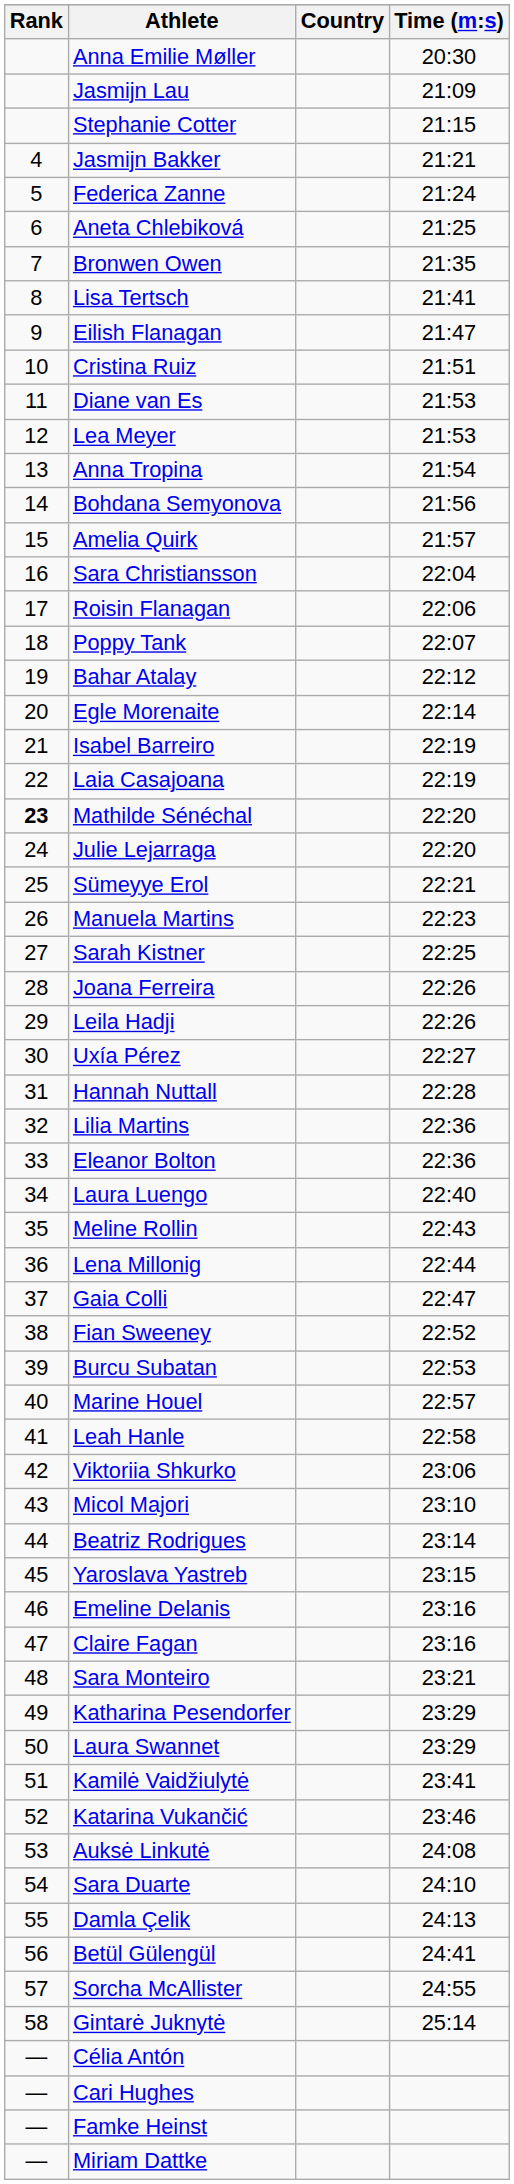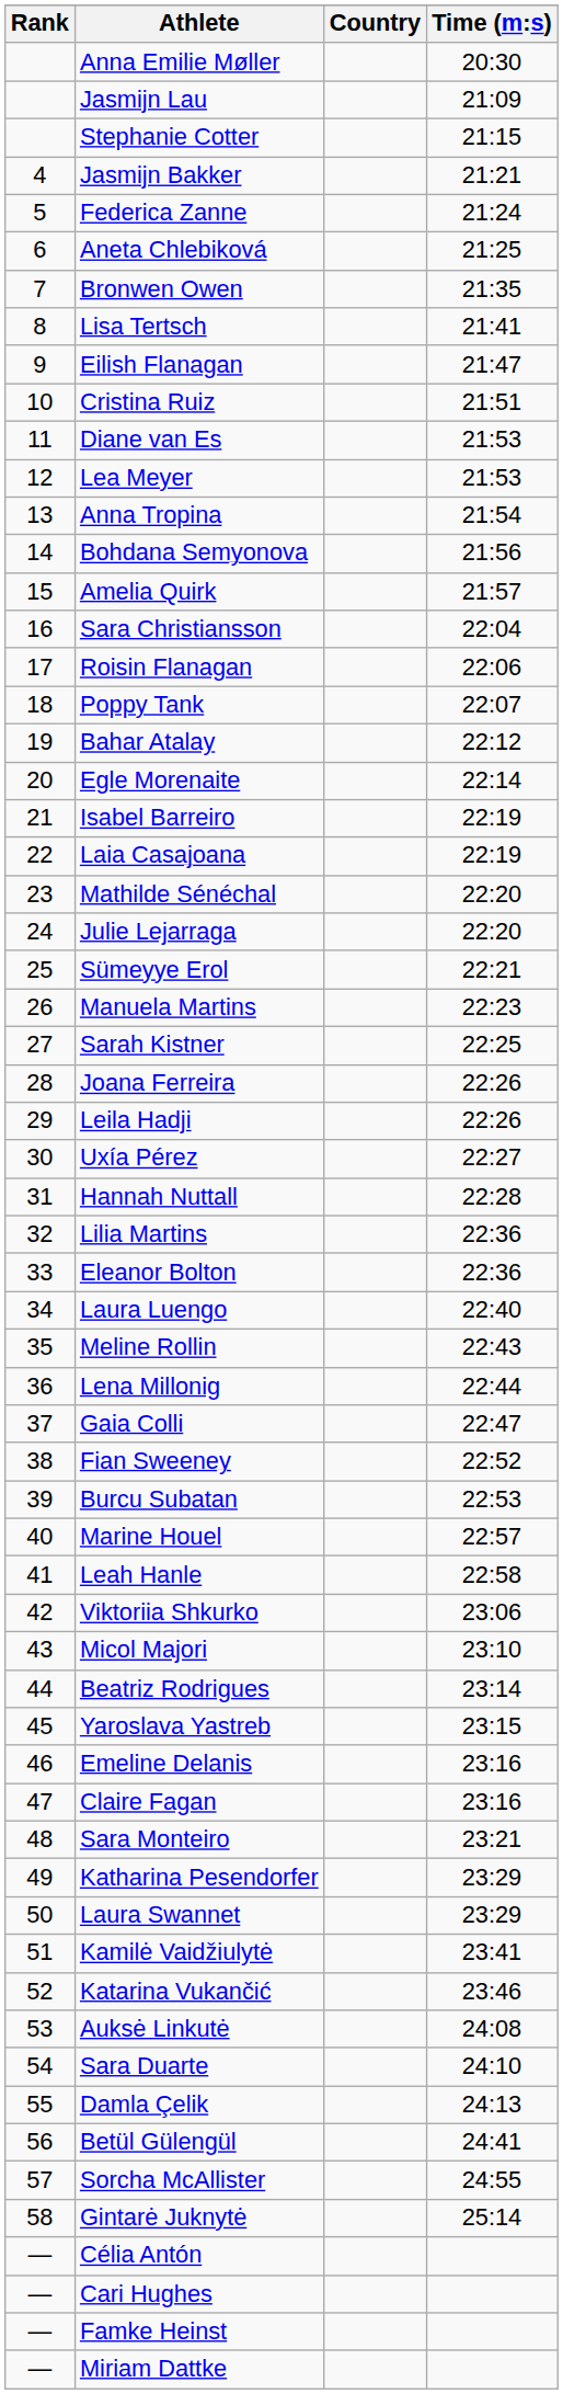 <table class="wikitable sortable" style="text-align:center;">
 <tr>
 </tr>
 <tr>
 <th>Rank</th>
 <th>Athlete</th>
 <th>Country</th>
 <th>Time (<a href='#'>m</a>:<a href='#'>s</a>)</th>
 </tr>
 <tr>
 <td></td>
 <td align=left><a href='#'>Anna Emilie Møller</a></td>
 <td align=left></td>
 <td>20:30</td>
 </tr>
 <tr>
 <td></td>
 <td align=left><a href='#'>Jasmijn Lau</a></td>
 <td align=left></td>
 <td>21:09</td>
 </tr>
 <tr>
 <td></td>
 <td align=left><a href='#'>Stephanie Cotter</a></td>
 <td align=left></td>
 <td>21:15</td>
 </tr>
 <tr>
 <td>4</td>
 <td align=left><a href='#'>Jasmijn Bakker</a></td>
 <td align=left></td>
 <td>21:21</td>
 </tr>
 <tr>
 <td>5</td>
 <td align=left><a href='#'>Federica Zanne</a></td>
 <td align=left></td>
 <td>21:24</td>
 </tr>
 <tr>
 <td>6</td>
 <td align=left><a href='#'>Aneta Chlebiková</a></td>
 <td align=left></td>
 <td>21:25</td>
 </tr>
 <tr>
 <td>7</td>
 <td align=left><a href='#'>Bronwen Owen</a></td>
 <td align=left></td>
 <td>21:35</td>
 </tr>
 <tr>
 <td>8</td>
 <td align=left><a href='#'>Lisa Tertsch</a></td>
 <td align=left></td>
 <td>21:41</td>
 </tr>
 <tr>
 <td>9</td>
 <td align=left><a href='#'>Eilish Flanagan</a></td>
 <td align=left></td>
 <td>21:47</td>
 </tr>
 <tr>
 <td>10</td>
 <td align=left><a href='#'>Cristina Ruiz</a></td>
 <td align=left></td>
 <td>21:51</td>
 </tr>
 <tr>
 <td>11</td>
 <td align=left><a href='#'>Diane van Es</a></td>
 <td align=left></td>
 <td>21:53</td>
 </tr>
 <tr>
 <td>12</td>
 <td align=left><a href='#'>Lea Meyer</a></td>
 <td align=left></td>
 <td>21:53</td>
 </tr>
 <tr>
 <td>13</td>
 <td align=left><a href='#'>Anna Tropina</a></td>
 <td align=left></td>
 <td>21:54</td>
 </tr>
 <tr>
 <td>14</td>
 <td align=left><a href='#'>Bohdana Semyonova</a></td>
 <td align=left></td>
 <td>21:56</td>
 </tr>
 <tr>
 <td>15</td>
 <td align=left><a href='#'>Amelia Quirk</a></td>
 <td align=left></td>
 <td>21:57</td>
 </tr>
 <tr>
 <td>16</td>
 <td align=left><a href='#'>Sara Christiansson</a></td>
 <td align=left></td>
 <td>22:04</td>
 </tr>
 <tr>
 <td>17</td>
 <td align=left><a href='#'>Roisin Flanagan</a></td>
 <td align=left></td>
 <td>22:06</td>
 </tr>
 <tr>
 <td>18</td>
 <td align=left><a href='#'>Poppy Tank</a></td>
 <td align=left></td>
 <td>22:07</td>
 </tr>
 <tr>
 <td>19</td>
 <td align=left><a href='#'>Bahar Atalay</a></td>
 <td align=left></td>
 <td>22:12</td>
 </tr>
 <tr>
 <td>20</td>
 <td align=left><a href='#'>Egle Morenaite</a></td>
 <td align=left></td>
 <td>22:14</td>
 </tr>
 <tr>
 <td>21</td>
 <td align=left><a href='#'>Isabel Barreiro</a></td>
 <td align=left></td>
 <td>22:19</td>
 </tr>
 <tr>
 <td>22</td>
 <td align=left><a href='#'>Laia Casajoana</a></td>
 <td align=left></td>
 <td>22:19</td>
 </tr>
 <tr>
-<td><strong>23</strong></td>
+<td>23</td>
 <td align=left><a href='#'>Mathilde Sénéchal</a></td>
 <td align=left></td>
 <td>22:20</td>
 </tr>
 <tr>
 <td>24</td>
 <td align=left><a href='#'>Julie Lejarraga</a></td>
 <td align=left></td>
 <td>22:20</td>
 </tr>
 <tr>
 <td>25</td>
 <td align=left><a href='#'>Sümeyye Erol</a></td>
 <td align=left></td>
 <td>22:21</td>
 </tr>
 <tr>
 <td>26</td>
 <td align=left><a href='#'>Manuela Martins</a></td>
 <td align=left></td>
 <td>22:23</td>
 </tr>
 <tr>
 <td>27</td>
 <td align=left><a href='#'>Sarah Kistner</a></td>
 <td align=left></td>
 <td>22:25</td>
 </tr>
 <tr>
 <td>28</td>
 <td align=left><a href='#'>Joana Ferreira</a></td>
 <td align=left></td>
 <td>22:26</td>
 </tr>
 <tr>
 <td>29</td>
 <td align=left><a href='#'>Leila Hadji</a></td>
 <td align=left></td>
 <td>22:26</td>
 </tr>
 <tr>
 <td>30</td>
 <td align=left><a href='#'>Uxía Pérez</a></td>
 <td align=left></td>
 <td>22:27</td>
 </tr>
 <tr>
 <td>31</td>
 <td align=left><a href='#'>Hannah Nuttall</a></td>
 <td align=left></td>
 <td>22:28</td>
 </tr>
 <tr>
 <td>32</td>
 <td align=left><a href='#'>Lilia Martins</a></td>
 <td align=left></td>
 <td>22:36</td>
 </tr>
 <tr>
 <td>33</td>
 <td align=left><a href='#'>Eleanor Bolton</a></td>
 <td align=left></td>
 <td>22:36</td>
 </tr>
 <tr>
 <td>34</td>
 <td align=left><a href='#'>Laura Luengo</a></td>
 <td align=left></td>
 <td>22:40</td>
 </tr>
 <tr>
 <td>35</td>
 <td align=left><a href='#'>Meline Rollin</a></td>
 <td align=left></td>
 <td>22:43</td>
 </tr>
 <tr>
 <td>36</td>
 <td align=left><a href='#'>Lena Millonig</a></td>
 <td align=left></td>
 <td>22:44</td>
 </tr>
 <tr>
 <td>37</td>
 <td align=left><a href='#'>Gaia Colli</a></td>
 <td align=left></td>
 <td>22:47</td>
 </tr>
 <tr>
 <td>38</td>
 <td align=left><a href='#'>Fian Sweeney</a></td>
 <td align=left></td>
 <td>22:52</td>
 </tr>
 <tr>
 <td>39</td>
 <td align=left><a href='#'>Burcu Subatan</a></td>
 <td align=left></td>
 <td>22:53</td>
 </tr>
 <tr>
 <td>40</td>
 <td align=left><a href='#'>Marine Houel</a></td>
 <td align=left></td>
 <td>22:57</td>
 </tr>
 <tr>
 <td>41</td>
 <td align=left><a href='#'>Leah Hanle</a></td>
 <td align=left></td>
 <td>22:58</td>
 </tr>
 <tr>
 <td>42</td>
 <td align=left><a href='#'>Viktoriia Shkurko</a></td>
 <td align=left></td>
 <td>23:06</td>
 </tr>
 <tr>
 <td>43</td>
 <td align=left><a href='#'>Micol Majori</a></td>
 <td align=left></td>
 <td>23:10</td>
 </tr>
 <tr>
 <td>44</td>
 <td align=left><a href='#'>Beatriz Rodrigues</a></td>
 <td align=left></td>
 <td>23:14</td>
 </tr>
 <tr>
 <td>45</td>
 <td align=left><a href='#'>Yaroslava Yastreb</a></td>
 <td align=left></td>
 <td>23:15</td>
 </tr>
 <tr>
 <td>46</td>
 <td align=left><a href='#'>Emeline Delanis</a></td>
 <td align=left></td>
 <td>23:16</td>
 </tr>
 <tr>
 <td>47</td>
 <td align=left><a href='#'>Claire Fagan</a></td>
 <td align=left></td>
 <td>23:16</td>
 </tr>
 <tr>
 <td>48</td>
 <td align=left><a href='#'>Sara Monteiro</a></td>
 <td align=left></td>
 <td>23:21</td>
 </tr>
 <tr>
 <td>49</td>
 <td align=left><a href='#'>Katharina Pesendorfer</a></td>
 <td align=left></td>
 <td>23:29</td>
 </tr>
 <tr>
 <td>50</td>
 <td align=left><a href='#'>Laura Swannet</a></td>
 <td align=left></td>
 <td>23:29</td>
 </tr>
 <tr>
 <td>51</td>
 <td align=left><a href='#'>Kamilė Vaidžiulytė</a></td>
 <td align=left></td>
 <td>23:41</td>
 </tr>
 <tr>
 <td>52</td>
 <td align=left><a href='#'>Katarina Vukančić</a></td>
 <td align=left></td>
 <td>23:46</td>
 </tr>
 <tr>
 <td>53</td>
 <td align=left><a href='#'>Auksė Linkutė</a></td>
 <td align=left></td>
 <td>24:08</td>
 </tr>
 <tr>
 <td>54</td>
 <td align=left><a href='#'>Sara Duarte</a></td>
 <td align=left></td>
 <td>24:10</td>
 </tr>
 <tr>
 <td>55</td>
 <td align=left><a href='#'>Damla Çelik</a></td>
 <td align=left></td>
 <td>24:13</td>
 </tr>
 <tr>
 <td>56</td>
 <td align=left><a href='#'>Betül Gülengül</a></td>
 <td align=left></td>
 <td>24:41</td>
 </tr>
 <tr>
 <td>57</td>
 <td align=left><a href='#'>Sorcha McAllister</a></td>
 <td align=left></td>
 <td>24:55</td>
 </tr>
 <tr>
 <td>58</td>
 <td align=left><a href='#'>Gintarė Juknytė</a></td>
 <td align=left></td>
 <td>25:14</td>
 </tr>
 <tr>
 <td>—</td>
 <td align=left><a href='#'>Célia Antón</a></td>
 <td align=left></td>
 <td></td>
 </tr>
 <tr>
 <td>—</td>
 <td align=left><a href='#'>Cari Hughes</a></td>
 <td align=left></td>
 <td></td>
 </tr>
 <tr>
 <td>—</td>
 <td align=left><a href='#'>Famke Heinst</a></td>
 <td align=left></td>
 <td></td>
 </tr>
 <tr>
 <td>—</td>
 <td align=left><a href='#'>Miriam Dattke</a></td>
 <td align=left></td>
 <td></td>
 </tr>
 </table>
